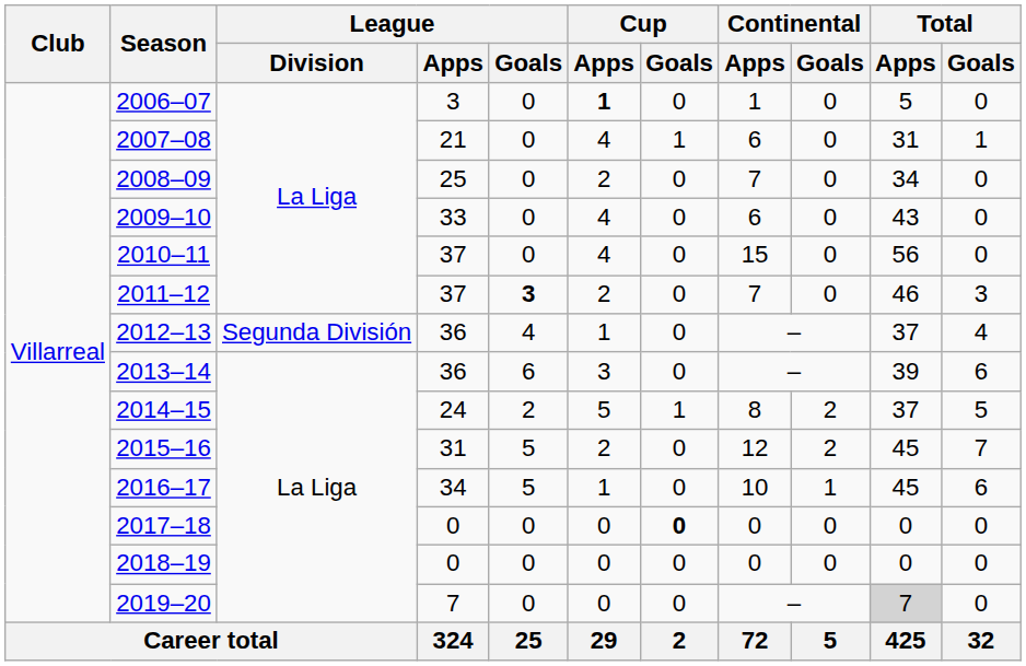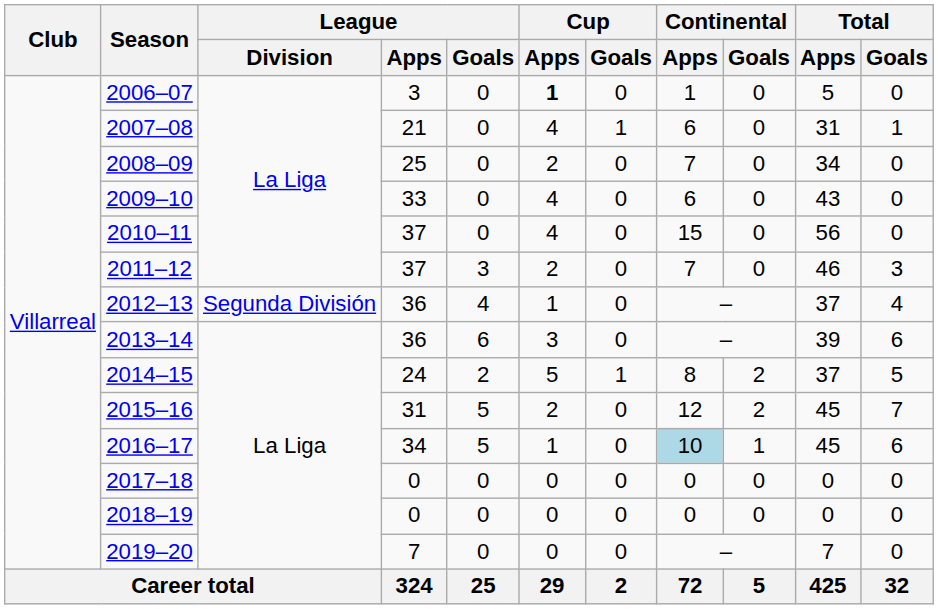 <table class="wikitable" style="text-align:center">
 <tr>
 <th rowspan="2">Club</th>
 <th rowspan="2">Season</th>
 <th colspan="3">League</th>
 <th colspan="2">Cup</th>
 <th colspan="2">Continental</th>
 <th colspan="2">Total</th>
 </tr>
 <tr>
 <th>Division</th>
 <th>Apps</th>
 <th>Goals</th>
 <th>Apps</th>
 <th>Goals</th>
 <th>Apps</th>
 <th>Goals</th>
 <th>Apps</th>
 <th>Goals</th>
 </tr>
 <tr>
 <td rowspan="14"><a href='#'>Villarreal</a></td>
 <td><a href='#'>2006–07</a></td>
 <td rowspan="6"><a href='#'>La Liga</a></td>
 <td>3</td>
 <td>0</td>
 <td><strong>1</strong></td>
 <td>0</td>
 <td>1</td>
 <td>0</td>
 <td>5</td>
 <td>0</td>
 </tr>
 <tr>
 <td><a href='#'>2007–08</a></td>
 <td>21</td>
 <td>0</td>
 <td>4</td>
 <td>1</td>
 <td>6</td>
 <td>0</td>
 <td>31</td>
 <td>1</td>
 </tr>
 <tr>
 <td><a href='#'>2008–09</a></td>
 <td>25</td>
 <td>0</td>
 <td>2</td>
 <td>0</td>
 <td>7</td>
 <td>0</td>
 <td>34</td>
 <td>0</td>
 </tr>
 <tr>
 <td><a href='#'>2009–10</a></td>
 <td>33</td>
 <td>0</td>
 <td>4</td>
 <td>0</td>
 <td>6</td>
 <td>0</td>
 <td>43</td>
 <td>0</td>
 </tr>
 <tr>
 <td><a href='#'>2010–11</a></td>
 <td>37</td>
 <td>0</td>
 <td>4</td>
 <td>0</td>
 <td>15</td>
 <td>0</td>
 <td>56</td>
 <td>0</td>
 </tr>
 <tr>
 <td><a href='#'>2011–12</a></td>
 <td>37</td>
-<td><strong>3</strong></td>
+<td>3</td>
 <td>2</td>
 <td>0</td>
 <td>7</td>
 <td>0</td>
 <td>46</td>
 <td>3</td>
 </tr>
 <tr>
 <td><a href='#'>2012–13</a></td>
 <td><a href='#'>Segunda División</a></td>
 <td>36</td>
 <td>4</td>
 <td>1</td>
 <td>0</td>
 <td colspan="2">–</td>
 <td>37</td>
 <td>4</td>
 </tr>
 <tr>
 <td><a href='#'>2013–14</a></td>
 <td rowspan="7">La Liga</td>
 <td>36</td>
 <td>6</td>
 <td>3</td>
 <td>0</td>
 <td colspan="2">–</td>
 <td>39</td>
 <td>6</td>
 </tr>
 <tr>
 <td><a href='#'>2014–15</a></td>
 <td>24</td>
 <td>2</td>
 <td>5</td>
 <td>1</td>
 <td>8</td>
 <td>2</td>
 <td>37</td>
 <td>5</td>
 </tr>
 <tr>
 <td><a href='#'>2015–16</a></td>
 <td>31</td>
 <td>5</td>
 <td>2</td>
 <td>0</td>
 <td>12</td>
 <td>2</td>
 <td>45</td>
 <td>7</td>
 </tr>
 <tr>
 <td><a href='#'>2016–17</a></td>
 <td>34</td>
 <td>5</td>
 <td>1</td>
 <td>0</td>
-<td>10</td>
+<td style="background: lightblue;">10</td>
 <td>1</td>
 <td>45</td>
 <td>6</td>
 </tr>
 <tr>
 <td><a href='#'>2017–18</a></td>
 <td>0</td>
 <td>0</td>
 <td>0</td>
-<td><strong>0</strong></td>
+<td>0</td>
 <td>0</td>
 <td>0</td>
 <td>0</td>
 <td>0</td>
 </tr>
 <tr>
 <td><a href='#'>2018–19</a></td>
 <td>0</td>
 <td>0</td>
 <td>0</td>
 <td>0</td>
 <td>0</td>
 <td>0</td>
 <td>0</td>
 <td>0</td>
 </tr>
 <tr>
 <td><a href='#'>2019–20</a></td>
 <td>7</td>
 <td>0</td>
 <td>0</td>
 <td>0</td>
 <td colspan="2">–</td>
-<td style="background: lightgrey;">7</td>
+<td>7</td>
 <td>0</td>
 </tr>
 <tr>
 <th colspan="3">Career total</th>
 <th>324</th>
 <th>25</th>
 <th>29</th>
 <th>2</th>
 <th>72</th>
 <th>5</th>
 <th>425</th>
 <th>32</th>
 </tr>
 </table>
